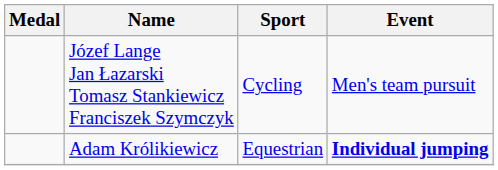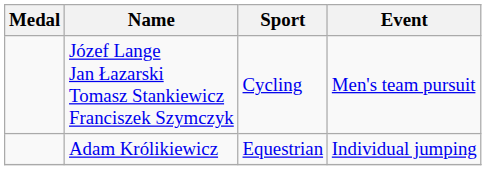 <table class="wikitable sortable" style="font-size: 95%;">
 <tr>
 <th>Medal</th>
 <th>Name</th>
 <th>Sport</th>
 <th>Event</th>
 </tr>
 <tr>
 <td></td>
 <td><a href='#'>Józef Lange</a><br><a href='#'>Jan Łazarski</a><br><a href='#'>Tomasz Stankiewicz</a><br><a href='#'>Franciszek Szymczyk</a><br></td>
 <td><a href='#'>Cycling</a></td>
 <td><a href='#'>Men's team pursuit</a></td>
 </tr>
 <tr>
 <td></td>
 <td><a href='#'>Adam Królikiewicz</a></td>
 <td><a href='#'>Equestrian</a></td>
-<td><strong><a href='#'>Individual jumping</a></strong></td>
+<td><a href='#'>Individual jumping</a></td>
 </tr>
 <tr>
 </tr>
 </table>
